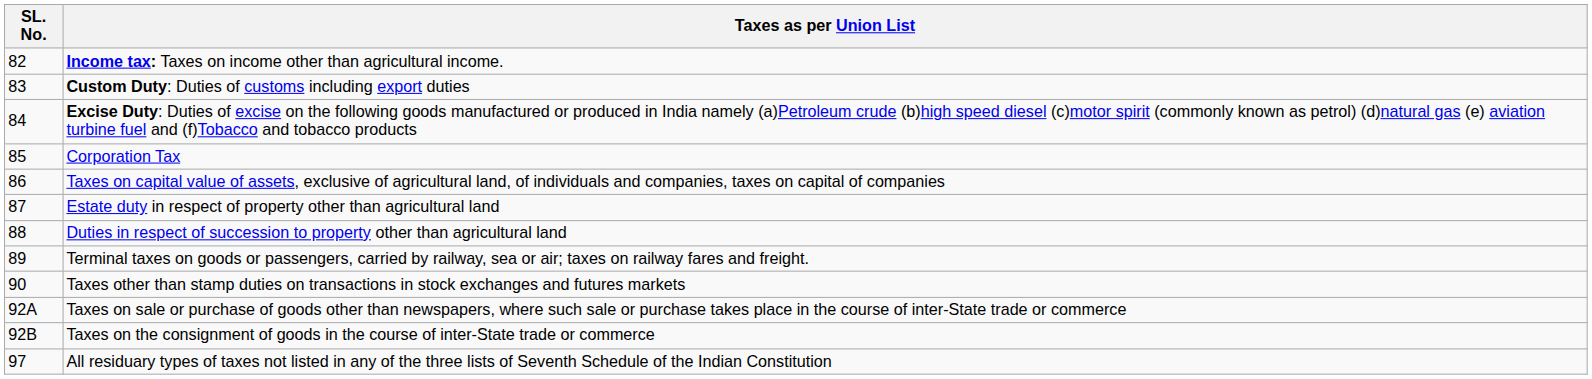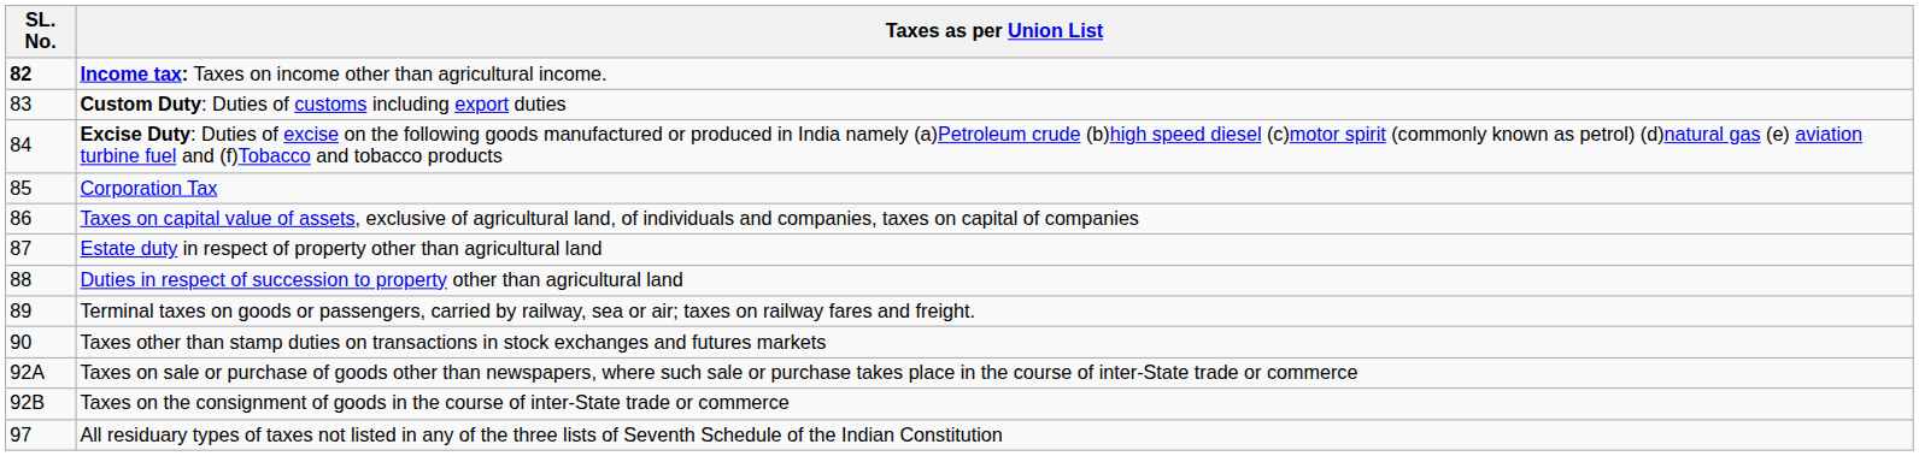 <table class="wikitable">
 <tr>
 <th>SL. No.</th>
 <th>Taxes as per <a href='#'>Union List</a></th>
 </tr>
 <tr>
-<td>82</td>
+<td><strong>82</strong></td>
 <td><strong><a href='#'>Income tax</a>:</strong> Taxes on income other than agricultural income.</td>
 </tr>
 <tr>
 <td>83</td>
 <td><strong>Custom Duty</strong>: Duties of <a href='#'>customs</a> including <a href='#'>export</a> duties</td>
 </tr>
 <tr>
 <td>84</td>
 <td><strong>Excise Duty</strong>: Duties of <a href='#'>excise</a> on the following goods manufactured or produced in India namely (a)<a href='#'>Petroleum crude</a> (b)<a href='#'>high speed diesel</a> (c)<a href='#'>motor spirit</a> (commonly known as petrol) (d)<a href='#'>natural gas</a> (e) <a href='#'>aviation turbine fuel</a> and (f)<a href='#'>Tobacco</a> and tobacco products</td>
 </tr>
 <tr>
 <td>85</td>
 <td><a href='#'>Corporation Tax</a></td>
 </tr>
 <tr>
 <td>86</td>
 <td><a href='#'>Taxes on capital value of assets</a>, exclusive of agricultural land, of individuals and companies, taxes on capital of companies</td>
 </tr>
 <tr>
 <td>87</td>
 <td><a href='#'>Estate duty</a> in respect of property other than agricultural land</td>
 </tr>
 <tr>
 <td>88</td>
 <td><a href='#'>Duties in respect of succession to property</a> other than agricultural land</td>
 </tr>
 <tr>
 <td>89</td>
 <td>Terminal taxes on goods or passengers, carried by railway, sea or air; taxes on railway fares and freight.</td>
 </tr>
 <tr>
 <td>90</td>
 <td>Taxes other than stamp duties on transactions in stock exchanges and futures markets</td>
 </tr>
 <tr>
 <td>92A</td>
 <td>Taxes on sale or purchase of goods other than newspapers, where such sale or purchase takes place in the course of inter-State trade or commerce</td>
 </tr>
 <tr>
 <td>92B</td>
 <td>Taxes on the consignment of goods in the course of inter-State trade or commerce</td>
 </tr>
 <tr>
 <td>97</td>
 <td>All residuary types of taxes not listed in any of the three lists of Seventh Schedule of the Indian Constitution</td>
 </tr>
 </table>
